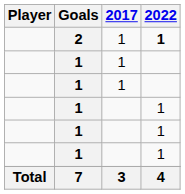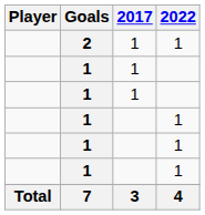 <table class="wikitable sortable" style="text-align:center;">
 <tr>
 <th>Player</th>
 <th>Goals</th>
 <th><a href='#'>2017</a></th>
 <th><a href='#'>2022</a></th>
 </tr>
 <tr>
 <td align="left"></td>
 <th>2</th>
 <td>1</td>
-<td><strong>1</strong></td>
+<td>1</td>
 </tr>
 <tr>
 <td align="left"></td>
 <th>1</th>
 <td>1</td>
 <td></td>
 </tr>
 <tr>
 <td align="left"></td>
 <th>1</th>
 <td>1</td>
 <td></td>
 </tr>
 <tr>
 <td align="left"></td>
 <th>1</th>
 <td></td>
 <td>1</td>
 </tr>
 <tr>
 <td align="left"></td>
 <th>1</th>
 <td></td>
 <td>1</td>
 </tr>
 <tr>
 <td align="left"></td>
 <th>1</th>
 <td></td>
 <td>1</td>
 </tr>
 <tr>
 </tr>
 <tr class="sortbottom">
 <th>Total</th>
 <th>7</th>
 <th>3</th>
 <th>4</th>
 </tr>
 </table>
